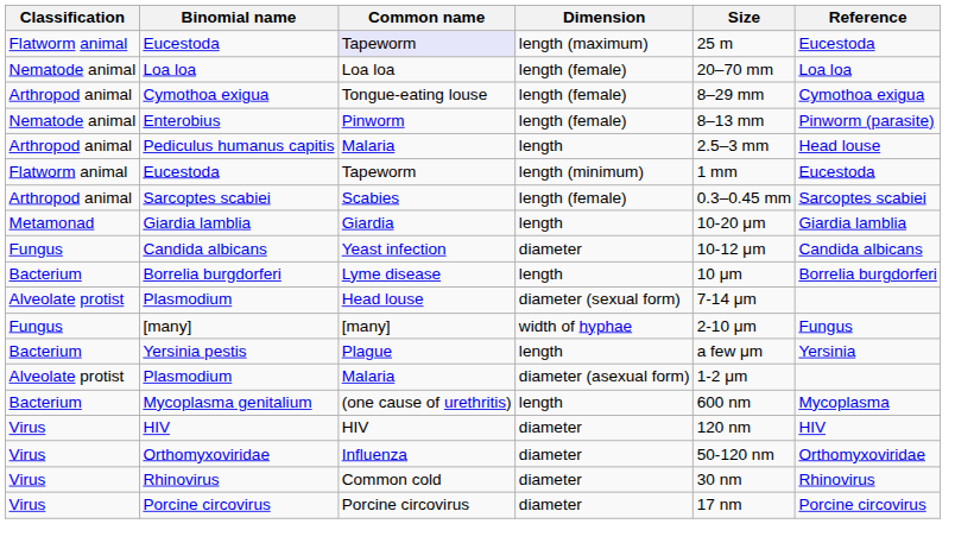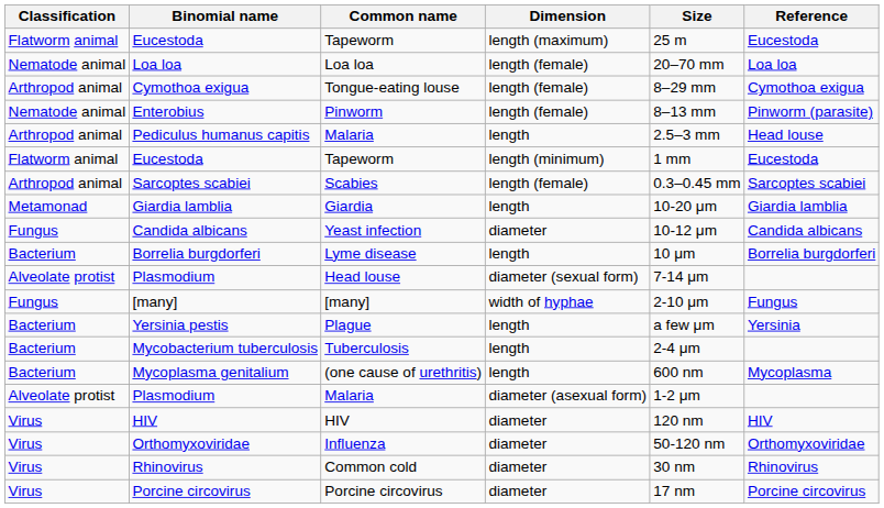 <table class="wikitable sortable">
 <tr>
 <th>Classification</th>
 <th>Binomial name</th>
 <th>Common name</th>
 <th>Dimension</th>
 <th>Size </th>
 <th>Reference</th>
 </tr>
 <tr>
 <td><a href='#'>Flatworm</a> <a href='#'>animal</a></td>
 <td><a href='#'>Eucestoda</a></td>
-<td style="background: lavender;">Tapeworm</td>
+<td>Tapeworm</td>
 <td>length (maximum)</td>
 <td data-sort-value="25000000000">25 m</td>
 <td><a href='#'>Eucestoda</a></td>
 </tr>
 <tr>
 <td><a href='#'>Nematode</a> animal</td>
 <td><a href='#'>Loa loa</a></td>
 <td>Loa loa</td>
 <td>length (female)</td>
 <td data-sort-value="37416574">20–70 mm</td>
 <td><a href='#'>Loa loa</a></td>
 </tr>
 <tr>
 <td><a href='#'>Arthropod</a> animal</td>
 <td><a href='#'>Cymothoa exigua</a></td>
 <td>Tongue-eating louse</td>
 <td>length (female)</td>
 <td data-sort-value="15231546">8–29 mm</td>
 <td><a href='#'>Cymothoa exigua</a></td>
 </tr>
 <tr>
 <td><a href='#'>Nematode</a> animal</td>
 <td><a href='#'>Enterobius</a></td>
 <td><a href='#'>Pinworm</a></td>
 <td>length (female)</td>
 <td data-sort-value="10198039">8–13 mm</td>
 <td><a href='#'>Pinworm (parasite)</a></td>
 </tr>
 <tr>
 <td><a href='#'>Arthropod</a> animal</td>
 <td><a href='#'>Pediculus humanus capitis</a></td>
 <td><a href='#'>Malaria</a></td>
 <td>length</td>
 <td data-sort-value="2738613">2.5–3 mm</td>
 <td><a href='#'>Head louse</a></td>
 </tr>
 <tr>
 <td><a href='#'>Flatworm</a> animal</td>
 <td><a href='#'>Eucestoda</a></td>
 <td>Tapeworm</td>
 <td>length (minimum)</td>
 <td data-sort-value="1000000">1 mm</td>
 <td><a href='#'>Eucestoda</a></td>
 </tr>
 <tr>
 <td><a href='#'>Arthropod</a> animal</td>
 <td><a href='#'>Sarcoptes scabiei</a></td>
 <td><a href='#'>Scabies</a></td>
 <td>length (female)</td>
 <td data-sort-value="367423">0.3–0.45 mm</td>
 <td><a href='#'>Sarcoptes scabiei</a></td>
 </tr>
 <tr>
 <td><a href='#'>Metamonad</a></td>
 <td><a href='#'>Giardia lamblia</a></td>
 <td><a href='#'>Giardia</a></td>
 <td>length</td>
 <td data-sort-value="14142">10-20 μm</td>
 <td><a href='#'>Giardia lamblia</a></td>
 </tr>
 <tr>
 <td><a href='#'>Fungus</a></td>
 <td><a href='#'>Candida albicans</a></td>
 <td><a href='#'>Yeast infection</a></td>
 <td>diameter</td>
 <td data-sort-value="10954">10-12 μm</td>
 <td><a href='#'>Candida albicans</a></td>
 </tr>
 <tr>
 <td><a href='#'>Bacterium</a></td>
 <td><a href='#'>Borrelia burgdorferi</a></td>
 <td><a href='#'>Lyme disease</a></td>
 <td>length</td>
 <td data-sort-value="10000">10 μm</td>
 <td><a href='#'>Borrelia burgdorferi</a></td>
 </tr>
 <tr>
 <td><a href='#'>Alveolate</a> <a href='#'>protist</a></td>
 <td><a href='#'>Plasmodium</a></td>
 <td><a href='#'>Head louse</a></td>
 <td>diameter (sexual form)</td>
 <td data-sort-value="9899">7-14 μm</td>
 <td></td>
 </tr>
 <tr>
 <td><a href='#'>Fungus</a></td>
 <td>[many]</td>
 <td>[many]</td>
 <td>width of <a href='#'>hyphae</a></td>
 <td data-sort-value="4472">2-10 μm</td>
 <td><a href='#'>Fungus</a></td>
 </tr>
 <tr>
 <td><a href='#'>Bacterium</a></td>
 <td><a href='#'>Yersinia pestis</a></td>
 <td><a href='#'>Plague</a></td>
 <td>length</td>
 <td data-sort-value="3000">a few μm</td>
 <td><a href='#'>Yersinia</a></td>
 </tr>
 <tr>
-<td><a href='#'>Alveolate</a> protist</td>
-<td><a href='#'>Plasmodium</a></td>
-<td><a href='#'>Malaria</a></td>
-<td>diameter (asexual form)</td>
-<td data-sort-value="1414">1-2 μm</td>
+<td><a href='#'>Bacterium</a></td>
+<td><a href='#'>Mycobacterium tuberculosis</a></td>
+<td><a href='#'>Tuberculosis</a></td>
+<td>length</td>
+<td data-sort-value="2828">2-4 μm</td>
 <td></td>
 </tr>
 <tr>
 <td><a href='#'>Bacterium</a></td>
 <td><a href='#'>Mycoplasma genitalium</a></td>
 <td>(one cause of <a href='#'>urethritis</a>)</td>
 <td>length</td>
 <td data-sort-value="600">600 nm</td>
 <td><a href='#'>Mycoplasma</a></td>
+</tr>
+<tr>
+<td><a href='#'>Alveolate</a> protist</td>
+<td><a href='#'>Plasmodium</a></td>
+<td><a href='#'>Malaria</a></td>
+<td>diameter (asexual form)</td>
+<td data-sort-value="1414">1-2 μm</td>
+<td></td>
 </tr>
 <tr>
 <td><a href='#'>Virus</a></td>
 <td><a href='#'>HIV</a></td>
 <td>HIV</td>
 <td>diameter</td>
 <td data-sort-value="120">120 nm</td>
 <td><a href='#'>HIV</a></td>
 </tr>
 <tr>
 <td><a href='#'>Virus</a></td>
 <td><a href='#'>Orthomyxoviridae</a></td>
 <td><a href='#'>Influenza</a></td>
 <td>diameter</td>
 <td data-sort-value="77">50-120 nm</td>
 <td><a href='#'>Orthomyxoviridae</a></td>
 </tr>
 <tr>
 <td><a href='#'>Virus</a></td>
 <td><a href='#'>Rhinovirus</a></td>
 <td>Common cold</td>
 <td>diameter</td>
 <td data-sort=value="30">30 nm</td>
 <td><a href='#'>Rhinovirus</a></td>
 </tr>
 <tr>
 <td><a href='#'>Virus</a></td>
 <td><a href='#'>Porcine circovirus</a></td>
 <td>Porcine circovirus</td>
 <td>diameter</td>
 <td data-sort-value="17">17 nm</td>
 <td><a href='#'>Porcine circovirus</a></td>
 </tr>
 </table>
